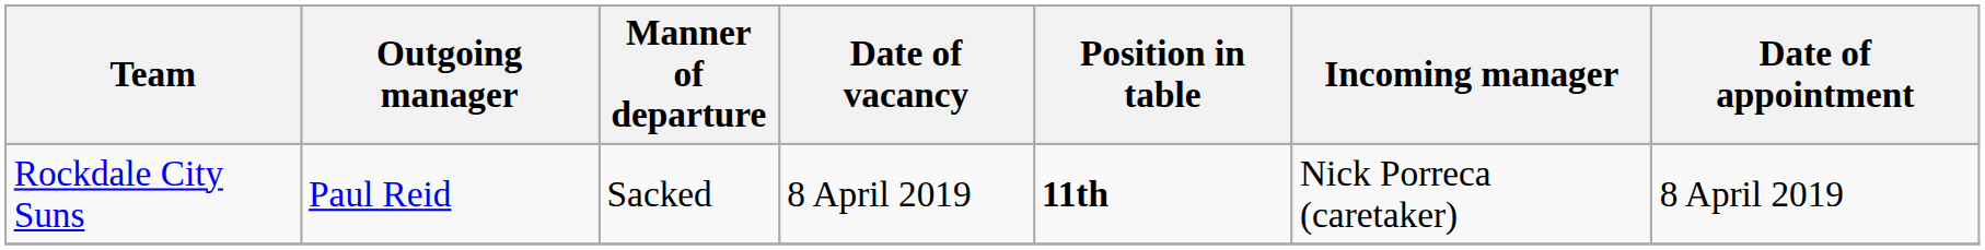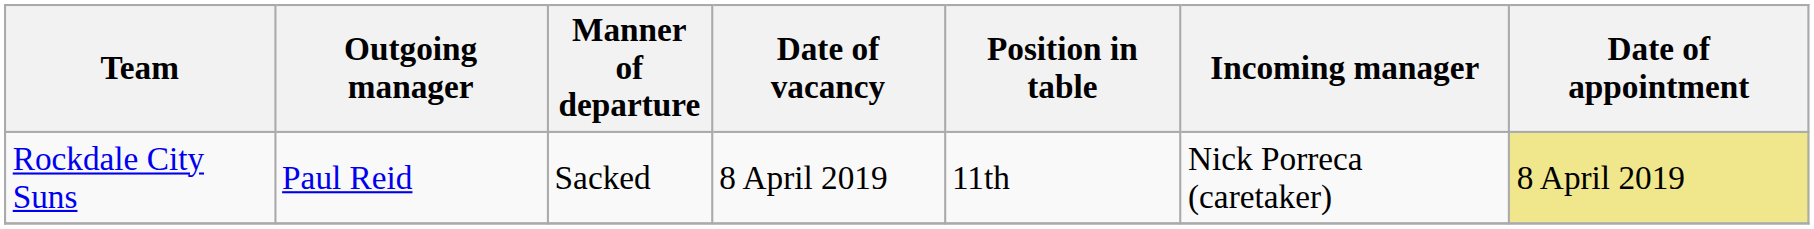 <table class="wikitable sortable">
 <tr>
 <th>Team</th>
 <th>Outgoing manager</th>
 <th>Manner of<br>departure</th>
 <th>Date of vacancy</th>
 <th>Position in table</th>
 <th>Incoming manager</th>
 <th>Date of appointment</th>
 </tr>
 <tr>
 <td><a href='#'>Rockdale City Suns</a></td>
 <td> <a href='#'>Paul Reid</a></td>
 <td>Sacked</td>
 <td>8 April 2019</td>
-<td><strong>11th</strong></td>
+<td>11th</td>
 <td> Nick Porreca (caretaker)</td>
-<td>8 April 2019</td>
+<td style="background: khaki;">8 April 2019</td>
 </tr>
 <tr>
 </tr>
 </table>
